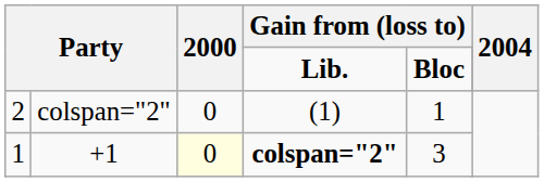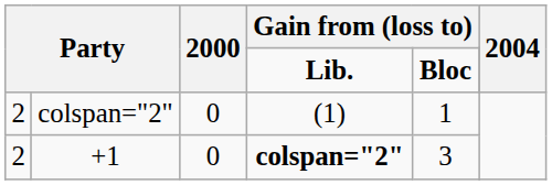 <table class="wikitable" style="text-align:center" align="center">
 <tr>
 <th rowspan="2" colspan="2">Party</th>
 <th rowspan="2">2000</th>
 <th colspan="4">Gain from (loss to)</th>
 <th rowspan="2">2004</th>
 </tr>
 <tr>
 <td><strong>Lib.</strong></td>
 <td><strong>Bloc</strong></td>
 </tr>
 <tr>
 <td>2</td>
 <td>colspan="2" </td>
 <td>0</td>
 <td>(1)</td>
 <td>1</td>
 </tr>
 <tr>
-<td>1</td>
+<td>2</td>
 <td>+1</td>
-<td style="background: lightyellow;">0</td>
+<td>0</td>
 <td><strong>colspan="2" </strong></td>
 <td>3</td>
 </tr>
 </table>
